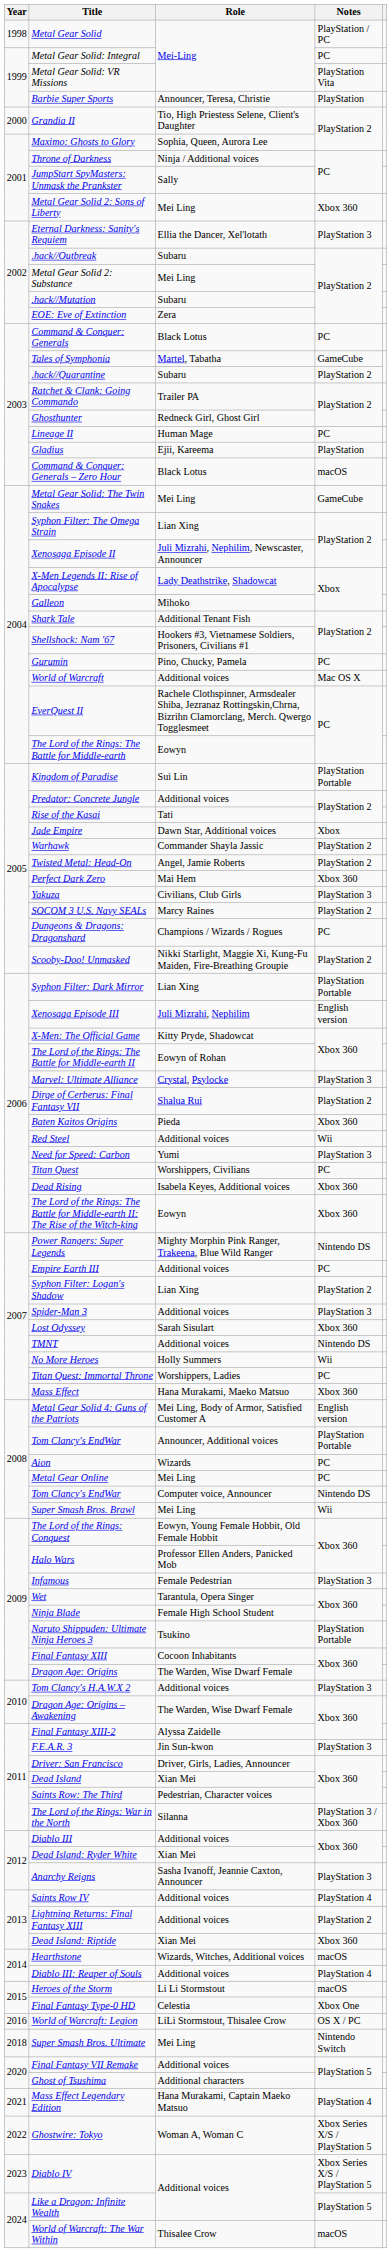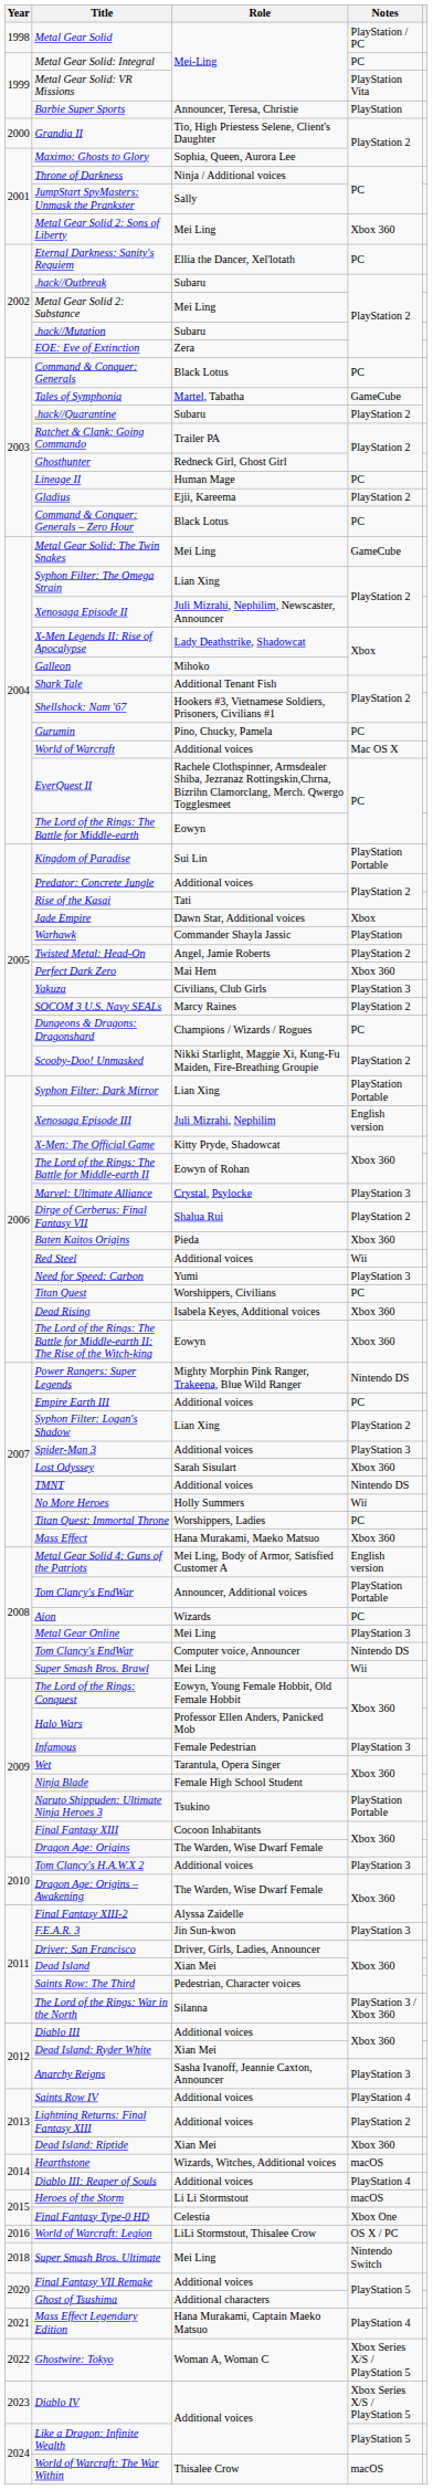 <table class="wikitable sortable plainrowheaders">
 <tr>
 <th>Year</th>
 <th>Title</th>
 <th>Role</th>
 <th class="unsortable">Notes</th>
 <th></th>
 </tr>
 <tr>
 <td>1998</td>
 <td><em><a href='#'>Metal Gear Solid</a></em></td>
 <td rowspan="3"><a href='#'>Mei-Ling</a></td>
 <td>PlayStation / PC</td>
 <td></td>
 </tr>
 <tr>
 <td rowspan="3">1999</td>
 <td><em>Metal Gear Solid: Integral</em></td>
 <td>PC</td>
 <td></td>
 </tr>
 <tr>
 <td><em>Metal Gear Solid: VR Missions</em></td>
 <td>PlayStation Vita</td>
 <td></td>
 </tr>
 <tr>
 <td><em><a href='#'>Barbie Super Sports</a></em></td>
 <td>Announcer, Teresa, Christie</td>
 <td>PlayStation</td>
 <td></td>
 </tr>
 <tr>
 <td>2000</td>
 <td><em><a href='#'>Grandia II</a></em></td>
 <td>Tio, High Priestess Selene, Client's Daughter</td>
 <td rowspan="2">PlayStation 2</td>
 <td rowspan="2"></td>
 </tr>
 <tr>
 <td rowspan="4">2001</td>
 <td><em><a href='#'>Maximo: Ghosts to Glory</a></em></td>
 <td>Sophia, Queen, Aurora Lee</td>
 </tr>
 <tr>
 <td><em><a href='#'>Throne of Darkness</a></em></td>
 <td>Ninja / Additional voices</td>
 <td rowspan="2">PC</td>
 <td></td>
 </tr>
 <tr>
 <td><em><a href='#'>JumpStart SpyMasters: Unmask the Prankster</a></em></td>
 <td>Sally</td>
 <td></td>
 </tr>
 <tr>
 <td><em><a href='#'>Metal Gear Solid 2: Sons of Liberty</a></em></td>
 <td>Mei Ling</td>
 <td>Xbox 360</td>
 <td></td>
 </tr>
 <tr>
 <td rowspan="5">2002</td>
 <td><em><a href='#'>Eternal Darkness: Sanity's Requiem</a></em></td>
 <td>Ellia the Dancer, Xel'lotath</td>
-<td>PlayStation 3</td>
+<td>PC</td>
 <td></td>
 </tr>
 <tr>
 <td><em><a href='#'>.hack//Outbreak</a></em></td>
 <td>Subaru</td>
 <td rowspan="4">PlayStation 2</td>
 <td></td>
 </tr>
 <tr>
 <td><em>Metal Gear Solid 2: Substance</em></td>
 <td>Mei Ling</td>
 <td></td>
 </tr>
 <tr>
 <td><em><a href='#'>.hack//Mutation</a></em></td>
 <td>Subaru</td>
 <td></td>
 </tr>
 <tr>
 <td><em><a href='#'>EOE: Eve of Extinction</a></em></td>
 <td>Zera</td>
 <td></td>
 </tr>
 <tr>
 <td rowspan="8">2003</td>
 <td><em><a href='#'>Command & Conquer: Generals</a></em></td>
 <td>Black Lotus</td>
 <td>PC</td>
 <td></td>
 </tr>
 <tr>
 <td><em><a href='#'>Tales of Symphonia</a></em></td>
 <td><a href='#'>Martel</a>, Tabatha</td>
 <td>GameCube</td>
 <td rowspan="2"></td>
 </tr>
 <tr>
 <td><em><a href='#'>.hack//Quarantine</a></em></td>
 <td>Subaru</td>
 <td>PlayStation 2</td>
 </tr>
 <tr>
 <td><em><a href='#'>Ratchet & Clank: Going Commando</a></em></td>
 <td>Trailer PA</td>
 <td rowspan="2">PlayStation 2</td>
 <td></td>
 </tr>
 <tr>
 <td><em><a href='#'>Ghosthunter</a></em></td>
 <td>Redneck Girl, Ghost Girl</td>
 <td></td>
 </tr>
 <tr>
 <td><em><a href='#'>Lineage II</a></em></td>
 <td>Human Mage</td>
 <td>PC</td>
 <td></td>
 </tr>
 <tr>
 <td><em><a href='#'>Gladius</a></em></td>
 <td>Ejii, Kareema</td>
-<td>PlayStation</td>
+<td>PlayStation 2</td>
 <td></td>
 </tr>
 <tr>
 <td><em><a href='#'>Command & Conquer: Generals – Zero Hour</a></em></td>
 <td>Black Lotus</td>
-<td>macOS</td>
+<td>PC</td>
 <td></td>
 </tr>
 <tr>
 <td rowspan="11">2004</td>
 <td><em><a href='#'>Metal Gear Solid: The Twin Snakes</a></em></td>
 <td>Mei Ling</td>
 <td>GameCube</td>
 <td></td>
 </tr>
 <tr>
 <td><em><a href='#'>Syphon Filter: The Omega Strain</a></em></td>
 <td>Lian Xing</td>
 <td rowspan="2">PlayStation 2</td>
 <td></td>
 </tr>
 <tr>
 <td><em><a href='#'>Xenosaga Episode II</a></em></td>
 <td><a href='#'>Juli Mizrahi</a>, <a href='#'>Nephilim</a>, Newscaster, Announcer</td>
 <td></td>
 </tr>
 <tr>
 <td><em><a href='#'>X-Men Legends II: Rise of Apocalypse</a></em></td>
 <td><a href='#'>Lady Deathstrike</a>, <a href='#'>Shadowcat</a></td>
 <td rowspan="2">Xbox</td>
 <td></td>
 </tr>
 <tr>
 <td><em><a href='#'>Galleon</a></em></td>
 <td>Mihoko</td>
 <td></td>
 </tr>
 <tr>
 <td><em><a href='#'>Shark Tale</a></em></td>
 <td>Additional Tenant Fish</td>
 <td rowspan="2">PlayStation 2</td>
 <td></td>
 </tr>
 <tr>
 <td><em><a href='#'>Shellshock: Nam '67</a></em></td>
 <td>Hookers #3, Vietnamese Soldiers, Prisoners, Civilians #1</td>
 <td></td>
 </tr>
 <tr>
 <td><em><a href='#'>Gurumin</a></em></td>
 <td>Pino, Chucky, Pamela</td>
 <td>PC</td>
 <td></td>
 </tr>
 <tr>
 <td><em><a href='#'>World of Warcraft</a></em></td>
 <td>Additional voices</td>
 <td>Mac OS X</td>
 <td></td>
 </tr>
 <tr>
 <td><em><a href='#'>EverQuest II</a></em></td>
 <td>Rachele Clothspinner, Armsdealer Shiba, Jezranaz Rottingskin,Chrna, Bizrihn Clamorclang, Merch. Qwergo Togglesmeet</td>
 <td rowspan="2">PC</td>
 <td></td>
 </tr>
 <tr>
 <td><em><a href='#'>The Lord of the Rings: The Battle for Middle-earth</a></em></td>
 <td>Eowyn</td>
 <td></td>
 </tr>
 <tr>
 <td rowspan="11">2005</td>
 <td><em><a href='#'>Kingdom of Paradise</a></em></td>
 <td>Sui Lin</td>
 <td>PlayStation Portable</td>
 <td></td>
 </tr>
 <tr>
 <td><em><a href='#'>Predator: Concrete Jungle</a></em></td>
 <td>Additional voices</td>
 <td rowspan="2">PlayStation 2</td>
 <td></td>
 </tr>
 <tr>
 <td><em><a href='#'>Rise of the Kasai</a></em></td>
 <td>Tati</td>
 <td></td>
 </tr>
 <tr>
 <td><em><a href='#'>Jade Empire</a></em></td>
 <td>Dawn Star, Additional voices</td>
 <td>Xbox</td>
 <td></td>
 </tr>
 <tr>
 <td><em><a href='#'>Warhawk</a></em></td>
 <td>Commander Shayla Jassic</td>
-<td>PlayStation 2</td>
+<td>PlayStation</td>
 <td></td>
 </tr>
 <tr>
 <td><em><a href='#'>Twisted Metal: Head-On</a></em></td>
 <td>Angel, Jamie Roberts</td>
 <td>PlayStation 2</td>
 <td></td>
 </tr>
 <tr>
 <td><em><a href='#'>Perfect Dark Zero</a></em></td>
 <td>Mai Hem</td>
 <td>Xbox 360</td>
 <td></td>
 </tr>
 <tr>
 <td><em><a href='#'>Yakuza</a></em></td>
 <td>Civilians, Club Girls</td>
 <td>PlayStation 3</td>
 <td></td>
 </tr>
 <tr>
 <td><em><a href='#'>SOCOM 3 U.S. Navy SEALs</a></em></td>
 <td>Marcy Raines</td>
 <td>PlayStation 2</td>
 <td></td>
 </tr>
 <tr>
 <td><em><a href='#'>Dungeons & Dragons: Dragonshard</a></em></td>
 <td>Champions / Wizards / Rogues</td>
 <td>PC</td>
 <td></td>
 </tr>
 <tr>
 <td><em><a href='#'>Scooby-Doo! Unmasked</a></em></td>
 <td>Nikki Starlight, Maggie Xi, Kung-Fu Maiden, Fire-Breathing Groupie</td>
 <td>PlayStation 2</td>
 <td></td>
 </tr>
 <tr>
 <td rowspan="12">2006</td>
 <td><em><a href='#'>Syphon Filter: Dark Mirror</a></em></td>
 <td>Lian Xing</td>
 <td>PlayStation Portable</td>
 <td></td>
 </tr>
 <tr>
 <td><em><a href='#'>Xenosaga Episode III</a></em></td>
 <td><a href='#'>Juli Mizrahi</a>, <a href='#'>Nephilim</a></td>
 <td>English version</td>
 <td></td>
 </tr>
 <tr>
 <td><em><a href='#'>X-Men: The Official Game</a></em></td>
 <td>Kitty Pryde, Shadowcat</td>
 <td rowspan="2">Xbox 360</td>
 <td></td>
 </tr>
 <tr>
 <td><em><a href='#'>The Lord of the Rings: The Battle for Middle-earth II</a></em></td>
 <td>Eowyn of Rohan</td>
 <td></td>
 </tr>
 <tr>
 <td><em><a href='#'>Marvel: Ultimate Alliance</a></em></td>
 <td><a href='#'>Crystal</a>, <a href='#'>Psylocke</a></td>
 <td>PlayStation 3</td>
 <td></td>
 </tr>
 <tr>
 <td><em><a href='#'>Dirge of Cerberus: Final Fantasy VII</a></em></td>
 <td><a href='#'>Shalua Rui</a></td>
 <td>PlayStation 2</td>
 <td></td>
 </tr>
 <tr>
 <td><em><a href='#'>Baten Kaitos Origins</a></em></td>
 <td>Pieda</td>
 <td>Xbox 360</td>
 <td></td>
 </tr>
 <tr>
 <td><em><a href='#'>Red Steel</a></em></td>
 <td>Additional voices</td>
 <td>Wii</td>
 <td></td>
 </tr>
 <tr>
 <td><em><a href='#'>Need for Speed: Carbon</a></em></td>
 <td>Yumi</td>
 <td>PlayStation 3</td>
 <td></td>
 </tr>
 <tr>
 <td><em><a href='#'>Titan Quest</a></em></td>
 <td>Worshippers, Civilians</td>
 <td>PC</td>
 <td></td>
 </tr>
 <tr>
 <td><em><a href='#'>Dead Rising</a></em></td>
 <td>Isabela Keyes, Additional voices</td>
 <td>Xbox 360</td>
 <td></td>
 </tr>
 <tr>
 <td><em><a href='#'>The Lord of the Rings: The Battle for Middle-earth II: The Rise of the Witch-king</a></em></td>
 <td>Eowyn</td>
 <td>Xbox 360</td>
 <td></td>
 </tr>
 <tr>
 <td rowspan="9">2007</td>
 <td><em><a href='#'>Power Rangers: Super Legends</a></em></td>
 <td>Mighty Morphin Pink Ranger, <a href='#'>Trakeena</a>, Blue Wild Ranger</td>
 <td>Nintendo DS</td>
 <td></td>
 </tr>
 <tr>
 <td><em><a href='#'>Empire Earth III</a></em></td>
 <td>Additional voices</td>
 <td>PC</td>
 <td></td>
 </tr>
 <tr>
 <td><em><a href='#'>Syphon Filter: Logan's Shadow</a></em></td>
 <td>Lian Xing</td>
 <td>PlayStation 2</td>
 <td></td>
 </tr>
 <tr>
 <td><em><a href='#'>Spider-Man 3</a></em></td>
 <td>Additional voices</td>
 <td>PlayStation 3</td>
 <td></td>
 </tr>
 <tr>
 <td><em><a href='#'>Lost Odyssey</a></em></td>
 <td>Sarah Sisulart</td>
 <td>Xbox 360</td>
 <td></td>
 </tr>
 <tr>
 <td><em><a href='#'>TMNT</a></em></td>
 <td>Additional voices</td>
 <td>Nintendo DS</td>
 <td></td>
 </tr>
 <tr>
 <td><em><a href='#'>No More Heroes</a></em></td>
 <td>Holly Summers</td>
 <td>Wii</td>
 <td></td>
 </tr>
 <tr>
 <td><em><a href='#'>Titan Quest: Immortal Throne</a></em></td>
 <td>Worshippers, Ladies</td>
 <td>PC</td>
 <td></td>
 </tr>
 <tr>
 <td><em><a href='#'>Mass Effect</a></em></td>
 <td>Hana Murakami, Maeko Matsuo</td>
 <td>Xbox 360</td>
 <td></td>
 </tr>
 <tr>
 <td rowspan="6">2008</td>
 <td><em><a href='#'>Metal Gear Solid 4: Guns of the Patriots</a></em></td>
 <td>Mei Ling, Body of Armor, Satisfied Customer A</td>
 <td>English version</td>
 <td></td>
 </tr>
 <tr>
 <td><em><a href='#'>Tom Clancy's EndWar</a></em></td>
 <td>Announcer, Additional voices</td>
 <td>PlayStation Portable</td>
 <td></td>
 </tr>
 <tr>
 <td><em><a href='#'>Aion</a></em></td>
 <td>Wizards</td>
 <td>PC</td>
 <td></td>
 </tr>
 <tr>
 <td><em><a href='#'>Metal Gear Online</a></em></td>
 <td>Mei Ling</td>
-<td>PC</td>
+<td>PlayStation 3</td>
 <td></td>
 </tr>
 <tr>
 <td><em><a href='#'>Tom Clancy's EndWar</a></em></td>
 <td>Computer voice, Announcer</td>
 <td>Nintendo DS</td>
 <td></td>
 </tr>
 <tr>
 <td><em><a href='#'>Super Smash Bros. Brawl</a></em></td>
 <td>Mei Ling</td>
 <td>Wii</td>
 <td></td>
 </tr>
 <tr>
 <td rowspan="8">2009</td>
 <td><em><a href='#'>The Lord of the Rings: Conquest</a></em></td>
 <td>Eowyn, Young Female Hobbit, Old Female Hobbit</td>
 <td rowspan="2">Xbox 360</td>
 <td></td>
 </tr>
 <tr>
 <td><em><a href='#'>Halo Wars</a></em></td>
 <td>Professor Ellen Anders, Panicked Mob</td>
 <td></td>
 </tr>
 <tr>
 <td><em><a href='#'>Infamous</a></em></td>
 <td>Female Pedestrian</td>
 <td>PlayStation 3</td>
 <td></td>
 </tr>
 <tr>
 <td><em><a href='#'>Wet</a></em></td>
 <td>Tarantula, Opera Singer</td>
 <td rowspan="2">Xbox 360</td>
 <td></td>
 </tr>
 <tr>
 <td><em><a href='#'>Ninja Blade</a></em></td>
 <td>Female High School Student</td>
 <td></td>
 </tr>
 <tr>
 <td><em><a href='#'>Naruto Shippuden: Ultimate Ninja Heroes 3</a></em></td>
 <td>Tsukino</td>
 <td>PlayStation Portable</td>
 <td></td>
 </tr>
 <tr>
 <td><em><a href='#'>Final Fantasy XIII</a></em></td>
 <td>Cocoon Inhabitants</td>
 <td rowspan="2">Xbox 360</td>
 <td></td>
 </tr>
 <tr>
 <td><em><a href='#'>Dragon Age: Origins</a></em></td>
 <td>The Warden, Wise Dwarf Female</td>
 <td></td>
 </tr>
 <tr>
 <td rowspan="2">2010</td>
 <td><em><a href='#'>Tom Clancy's H.A.W.X 2</a></em></td>
 <td>Additional voices</td>
 <td>PlayStation 3</td>
 <td></td>
 </tr>
 <tr>
 <td><em><a href='#'>Dragon Age: Origins – Awakening</a></em></td>
 <td>The Warden, Wise Dwarf Female</td>
 <td rowspan="2">Xbox 360</td>
 <td></td>
 </tr>
 <tr>
 <td rowspan="6">2011</td>
 <td><em><a href='#'>Final Fantasy XIII-2</a></em></td>
 <td>Alyssa Zaidelle</td>
 <td></td>
 </tr>
 <tr>
 <td><em><a href='#'>F.E.A.R. 3</a></em></td>
 <td>Jin Sun-kwon</td>
 <td>PlayStation 3</td>
 <td></td>
 </tr>
 <tr>
 <td><em><a href='#'>Driver: San Francisco</a></em></td>
 <td>Driver, Girls, Ladies, Announcer</td>
 <td rowspan="3">Xbox 360</td>
 <td></td>
 </tr>
 <tr>
 <td><em><a href='#'>Dead Island</a></em></td>
 <td>Xian Mei</td>
 <td></td>
 </tr>
 <tr>
 <td><em><a href='#'>Saints Row: The Third</a></em></td>
 <td>Pedestrian, Character voices</td>
 <td></td>
 </tr>
 <tr>
 <td><em><a href='#'>The Lord of the Rings: War in the North</a></em></td>
 <td>Silanna</td>
 <td>PlayStation 3 / Xbox 360</td>
 <td></td>
 </tr>
 <tr>
 <td rowspan="3">2012</td>
 <td><em><a href='#'>Diablo III</a></em></td>
 <td>Additional voices</td>
 <td rowspan="2">Xbox 360</td>
 <td></td>
 </tr>
 <tr>
 <td><em><a href='#'>Dead Island: Ryder White</a></em></td>
 <td>Xian Mei</td>
 <td></td>
 </tr>
 <tr>
 <td><em><a href='#'>Anarchy Reigns</a></em></td>
 <td>Sasha Ivanoff, Jeannie Caxton, Announcer</td>
 <td>PlayStation 3</td>
 <td></td>
 </tr>
 <tr>
 <td rowspan="3">2013</td>
 <td><em><a href='#'>Saints Row IV</a></em></td>
 <td>Additional voices</td>
 <td>PlayStation 4</td>
 <td></td>
 </tr>
 <tr>
 <td><em><a href='#'>Lightning Returns: Final Fantasy XIII</a></em></td>
 <td>Additional voices</td>
 <td>PlayStation 2</td>
 <td></td>
 </tr>
 <tr>
 <td><em><a href='#'>Dead Island: Riptide</a></em></td>
 <td>Xian Mei</td>
 <td>Xbox 360</td>
 <td></td>
 </tr>
 <tr>
 <td rowspan="2">2014</td>
 <td><em><a href='#'>Hearthstone</a></em></td>
 <td>Wizards, Witches, Additional voices</td>
 <td>macOS</td>
 <td></td>
 </tr>
 <tr>
 <td><em><a href='#'>Diablo III: Reaper of Souls</a></em></td>
 <td>Additional voices</td>
 <td>PlayStation 4</td>
 <td></td>
 </tr>
 <tr>
 <td rowspan="2">2015</td>
 <td><em><a href='#'>Heroes of the Storm</a></em></td>
 <td>Li Li Stormstout</td>
 <td>macOS</td>
 <td></td>
 </tr>
 <tr>
 <td><em><a href='#'>Final Fantasy Type-0 HD</a></em></td>
 <td>Celestia</td>
 <td>Xbox One</td>
 <td></td>
 </tr>
 <tr>
 <td>2016</td>
 <td><em><a href='#'>World of Warcraft: Legion</a></em></td>
 <td>LiLi Stormstout, Thisalee Crow</td>
 <td>OS X / PC</td>
 <td></td>
 </tr>
 <tr>
 <td>2018</td>
 <td><em><a href='#'>Super Smash Bros. Ultimate</a></em></td>
 <td>Mei Ling</td>
 <td>Nintendo Switch</td>
 <td></td>
 </tr>
 <tr>
 <td rowspan="2">2020</td>
 <td><em><a href='#'>Final Fantasy VII Remake</a></em></td>
 <td>Additional voices</td>
 <td rowspan="2">PlayStation 5</td>
 <td></td>
 </tr>
 <tr>
 <td><em><a href='#'>Ghost of Tsushima</a></em></td>
 <td>Additional characters</td>
 <td></td>
 </tr>
 <tr>
 <td>2021</td>
 <td><em><a href='#'>Mass Effect Legendary Edition</a></em></td>
 <td>Hana Murakami, Captain Maeko Matsuo</td>
 <td>PlayStation 4</td>
 <td></td>
 </tr>
 <tr>
 <td>2022</td>
 <td><em><a href='#'>Ghostwire: Tokyo</a></em></td>
 <td>Woman A, Woman C</td>
 <td>Xbox Series X/S / PlayStation 5</td>
 <td></td>
 </tr>
 <tr>
 <td>2023</td>
 <td><em><a href='#'>Diablo IV</a></em></td>
 <td rowspan="2">Additional voices</td>
 <td>Xbox Series X/S / PlayStation 5</td>
 <td></td>
 </tr>
 <tr>
 <td rowspan="2">2024</td>
 <td><em><a href='#'>Like a Dragon: Infinite Wealth</a></em></td>
 <td>PlayStation 5</td>
 <td></td>
 </tr>
 <tr>
 <td><em><a href='#'>World of Warcraft: The War Within</a></em></td>
 <td>Thisalee Crow</td>
 <td>macOS</td>
 <td></td>
 </tr>
 </table>
